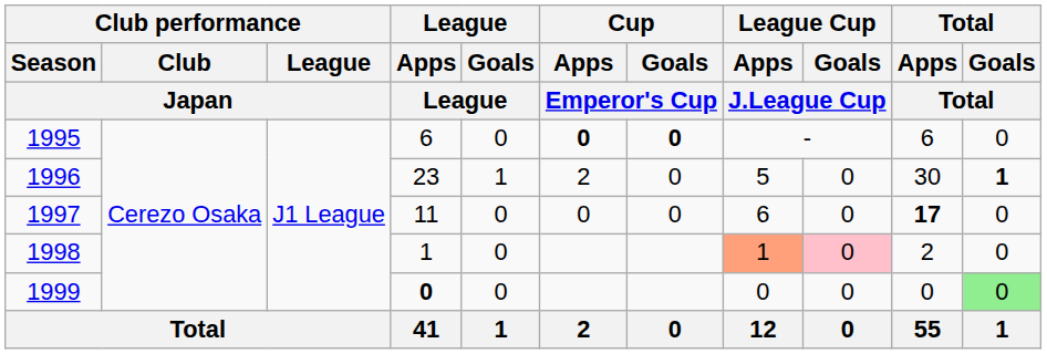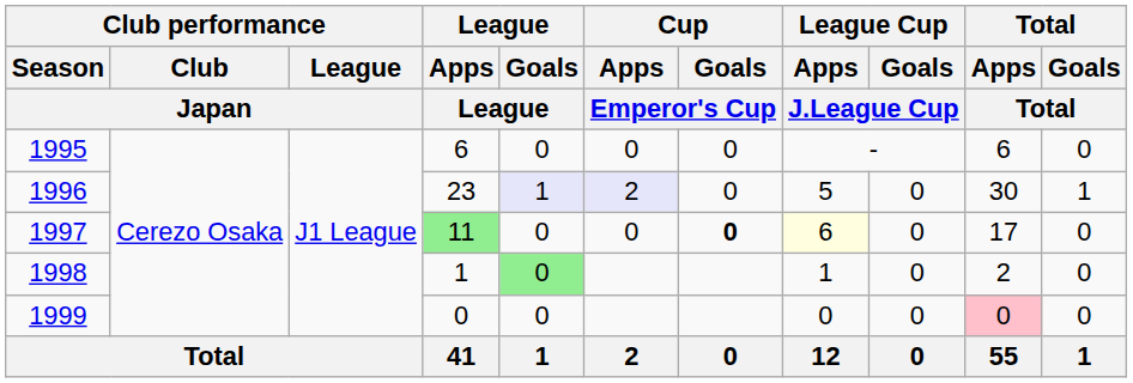 <table class="wikitable" style="text-align:center;">
 <tr>
 <th colspan=3>Club performance</th>
 <th colspan=2>League</th>
 <th colspan=2>Cup</th>
 <th colspan=2>League Cup</th>
 <th colspan=2>Total</th>
 </tr>
 <tr>
 <th>Season</th>
 <th>Club</th>
 <th>League</th>
 <th>Apps</th>
 <th>Goals</th>
 <th>Apps</th>
 <th>Goals</th>
 <th>Apps</th>
 <th>Goals</th>
 <th>Apps</th>
 <th>Goals</th>
 </tr>
 <tr>
 <th colspan=3>Japan</th>
 <th colspan=2>League</th>
 <th colspan=2><a href='#'>Emperor's Cup</a></th>
 <th colspan=2><a href='#'>J.League Cup</a></th>
 <th colspan=2>Total</th>
 </tr>
 <tr>
 <td><a href='#'>1995</a></td>
 <td rowspan="5"><a href='#'>Cerezo Osaka</a></td>
 <td rowspan="5"><a href='#'>J1 League</a></td>
 <td>6</td>
 <td>0</td>
-<td><strong>0</strong></td>
-<td><strong>0</strong></td>
+<td>0</td>
+<td>0</td>
 <td colspan="2">-</td>
 <td>6</td>
 <td>0</td>
 </tr>
 <tr>
 <td><a href='#'>1996</a></td>
 <td>23</td>
-<td>1</td>
-<td>2</td>
+<td style="background: lavender;">1</td>
+<td style="background: lavender;">2</td>
 <td>0</td>
 <td>5</td>
 <td>0</td>
 <td>30</td>
-<td><strong>1</strong></td>
+<td>1</td>
 </tr>
 <tr>
 <td><a href='#'>1997</a></td>
-<td>11</td>
+<td style="background: lightgreen;">11</td>
 <td>0</td>
 <td>0</td>
+<td><strong>0</strong></td>
+<td style="background: lightyellow;">6</td>
 <td>0</td>
-<td>6</td>
-<td>0</td>
-<td><strong>17</strong></td>
+<td>17</td>
 <td>0</td>
 </tr>
 <tr>
 <td><a href='#'>1998</a></td>
 <td>1</td>
-<td>0</td>
+<td style="background: lightgreen;">0</td>
 <td></td>
 <td></td>
-<td style="background: lightsalmon;">1</td>
-<td style="background: pink;">0</td>
+<td>1</td>
+<td>0</td>
 <td>2</td>
 <td>0</td>
 </tr>
 <tr>
 <td><a href='#'>1999</a></td>
-<td><strong>0</strong></td>
+<td>0</td>
 <td>0</td>
 <td></td>
 <td></td>
 <td>0</td>
 <td>0</td>
+<td style="background: pink;">0</td>
 <td>0</td>
-<td style="background: lightgreen;">0</td>
 </tr>
 <tr>
 <th colspan=3>Total</th>
 <th>41</th>
 <th>1</th>
 <th>2</th>
 <th>0</th>
 <th>12</th>
 <th>0</th>
 <th>55</th>
 <th>1</th>
 </tr>
 </table>
